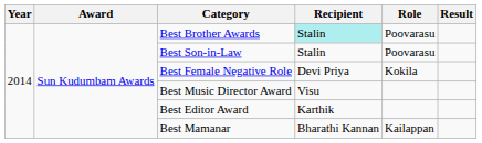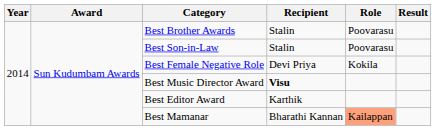 <table class="wikitable">
 <tr>
 <th>Year</th>
 <th>Award</th>
 <th>Category</th>
 <th>Recipient</th>
 <th>Role</th>
 <th>Result</th>
 </tr>
 <tr>
 <td rowspan="6">2014</td>
 <td rowspan="6"><a href='#'>Sun Kudumbam Awards</a></td>
 <td><a href='#'>Best Brother Awards</a></td>
-<td style="background: paleturquoise;">Stalin</td>
+<td>Stalin</td>
 <td>Poovarasu</td>
 <td></td>
 </tr>
 <tr>
 <td><a href='#'>Best Son-in-Law</a></td>
 <td>Stalin</td>
 <td>Poovarasu</td>
 <td></td>
 </tr>
 <tr>
 <td><a href='#'>Best Female Negative Role</a></td>
 <td>Devi Priya</td>
 <td>Kokila</td>
 <td></td>
 </tr>
 <tr>
 <td>Best Music Director Award</td>
-<td>Visu</td>
+<td><strong>Visu</strong></td>
 <td></td>
 <td></td>
 </tr>
 <tr>
 <td>Best Editor Award</td>
 <td>Karthik</td>
 <td></td>
 <td></td>
 </tr>
 <tr>
 <td>Best Mamanar</td>
 <td>Bharathi Kannan</td>
-<td>Kailappan</td>
+<td style="background: lightsalmon;">Kailappan</td>
 <td></td>
 </tr>
 </table>
